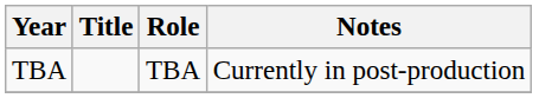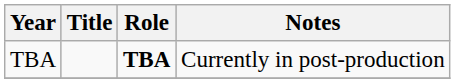 <table class="wikitable sortable">
 <tr>
 <th>Year</th>
 <th>Title</th>
 <th>Role</th>
 <th class="unsortable">Notes</th>
 </tr>
 <tr>
 <td>TBA</td>
 <td></td>
-<td>TBA</td>
+<td><strong>TBA</strong></td>
 <td>Currently in post-production</td>
 </tr>
 <tr>
 </tr>
 </table>
